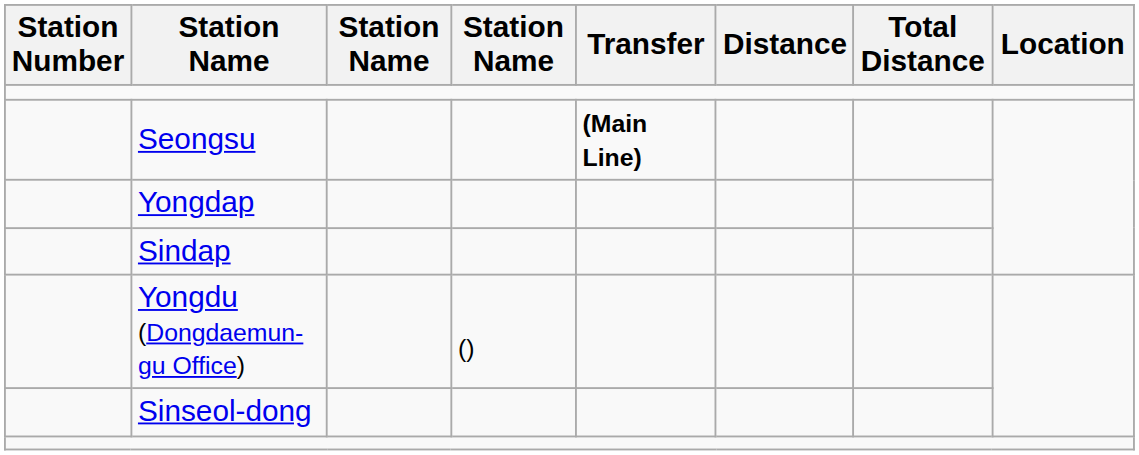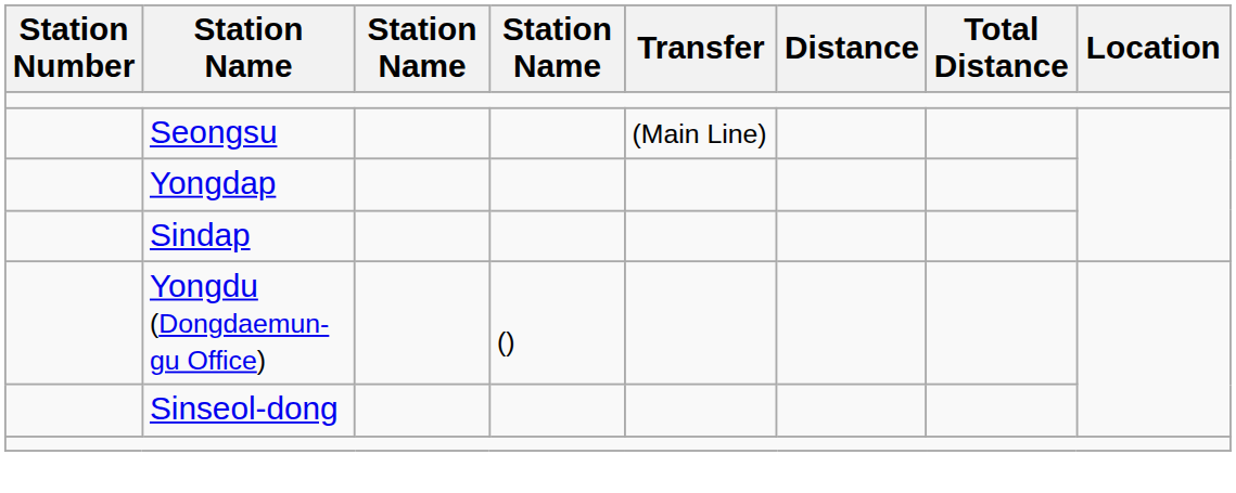 <table class="wikitable">
 <tr>
 <th>Station<br>Number</th>
 <th style="width:250pt;">Station Name<br></th>
 <th style="width:150pt;">Station Name<br></th>
 <th style="width:150pt;">Station Name<br></th>
 <th style="width:150pt;">Transfer</th>
 <th>Distance<br></th>
 <th>Total<br>Distance</th>
 <th>Location</th>
 </tr>
 <tr style="background:#">
 <td colspan = "10"></td>
 </tr>
 <tr>
 <td></td>
 <td><a href='#'>Seongsu</a></td>
 <td></td>
 <td></td>
-<td><strong> <small>(Main Line)</small></strong></td>
+<td> <small>(Main Line)</small></td>
 <td></td>
 <td></td>
 <td rowspan="3" style="width:100pt;"></td>
 </tr>
 <tr>
 <td></td>
 <td><a href='#'>Yongdap</a></td>
 <td></td>
 <td></td>
 <td></td>
 <td></td>
 <td></td>
 </tr>
 <tr>
 <td></td>
 <td><a href='#'>Sindap</a></td>
 <td></td>
 <td></td>
 <td></td>
 <td></td>
 <td></td>
 </tr>
 <tr>
 <td></td>
 <td><a href='#'>Yongdu</a> <br><small>(<a href='#'>Dongdaemun-gu Office</a>)</small></td>
 <td></td>
 <td> <br><small>()</small></td>
 <td></td>
 <td></td>
 <td></td>
 <td rowspan = "2"></td>
 </tr>
 <tr>
 <td></td>
 <td><a href='#'>Sinseol-dong</a></td>
 <td></td>
 <td></td>
 <td> </td>
 <td></td>
 <td></td>
 </tr>
 <tr style="background:#">
 <td colspan = "10"></td>
 </tr>
 </table>
